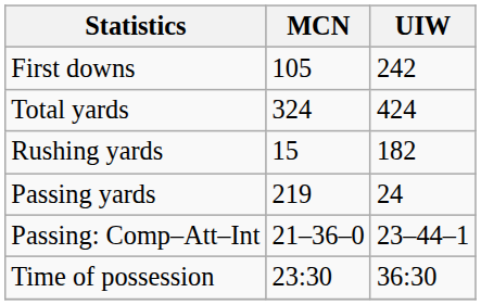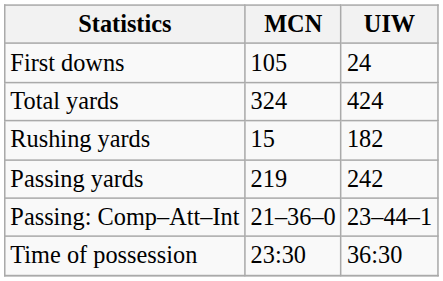 <table class="wikitable" style="float: left;">
 <tr>
 <th>Statistics</th>
 <th>MCN</th>
 <th>UIW</th>
 </tr>
 <tr>
 <td>First downs</td>
 <td>105</td>
-<td>242</td>
+<td>24</td>
 </tr>
 <tr>
 <td>Total yards</td>
 <td>324</td>
 <td>424</td>
 </tr>
 <tr>
 <td>Rushing yards</td>
 <td>15</td>
 <td>182</td>
 </tr>
 <tr>
 <td>Passing yards</td>
 <td>219</td>
-<td>24</td>
+<td>242</td>
 </tr>
 <tr>
 <td>Passing: Comp–Att–Int</td>
 <td>21–36–0</td>
 <td>23–44–1</td>
 </tr>
 <tr>
 <td>Time of possession</td>
 <td>23:30</td>
 <td>36:30</td>
 </tr>
 <tr>
 </tr>
 </table>
